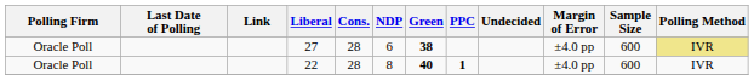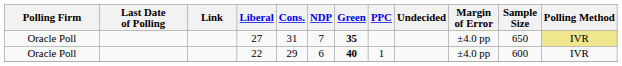 <table class="wikitable sortable" style="text-align:center;font-size:90%;line-height:14px;">
 <tr style="background:#e9e9e9;">
 <th style="width:120px">Polling Firm</th>
 <th style="width:110px">Last Date<br>of Polling</th>
 <th style="width:60px" class="unsortable">Link</th>
 <th style="background-color:"><a href='#'>Liberal</a></th>
 <th style="background-color:"><a href='#'>Cons.</a></th>
 <th style="background-color:"><a href='#'>NDP</a></th>
 <th style="background-color:"><a href='#'>Green</a></th>
 <th style="background-color:"><a href='#'><span>PPC</span></a></th>
 <th style="background-color:">Undecided</th>
 <th style="width:60px;" class=unsortable>Margin<br>of Error</th>
 <th style="width:50px;" class=unsortable>Sample<br>Size</th>
 <th class=unsortable>Polling Method</th>
 </tr>
 <tr>
 <td>Oracle Poll</td>
 <td></td>
 <td></td>
 <td>27</td>
-<td>28</td>
-<td>6</td>
-<td><strong>38</strong></td>
+<td>31</td>
+<td>7</td>
+<td><strong>35</strong></td>
 <td></td>
 <td></td>
 <td>±4.0 pp</td>
-<td>600</td>
+<td>650</td>
 <td style="background: khaki;">IVR</td>
 </tr>
 <tr>
 <td>Oracle Poll</td>
 <td></td>
 <td></td>
 <td>22</td>
-<td>28</td>
-<td>8</td>
+<td>29</td>
+<td>6</td>
 <td><strong>40</strong></td>
-<td><strong>1</strong></td>
+<td>1</td>
 <td></td>
 <td>±4.0 pp</td>
 <td>600</td>
 <td>IVR</td>
 </tr>
 <tr>
 </tr>
 </table>
